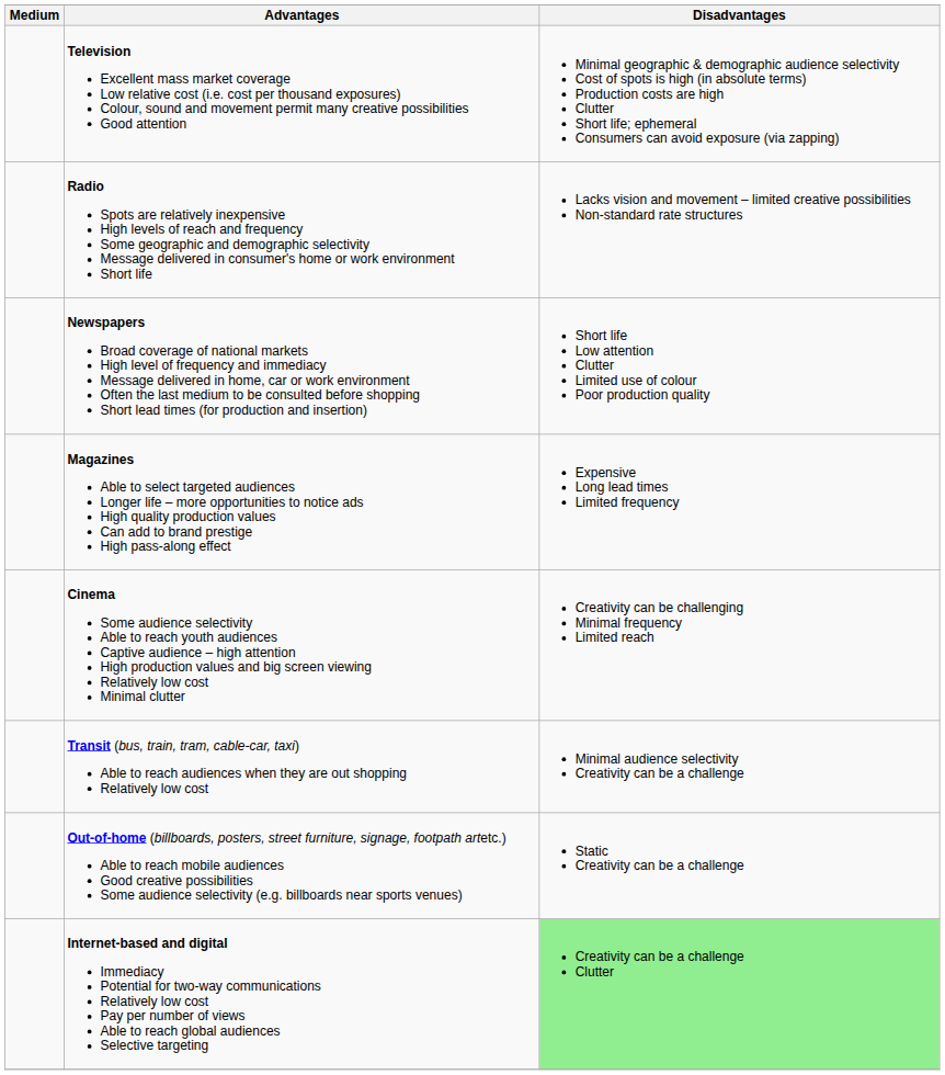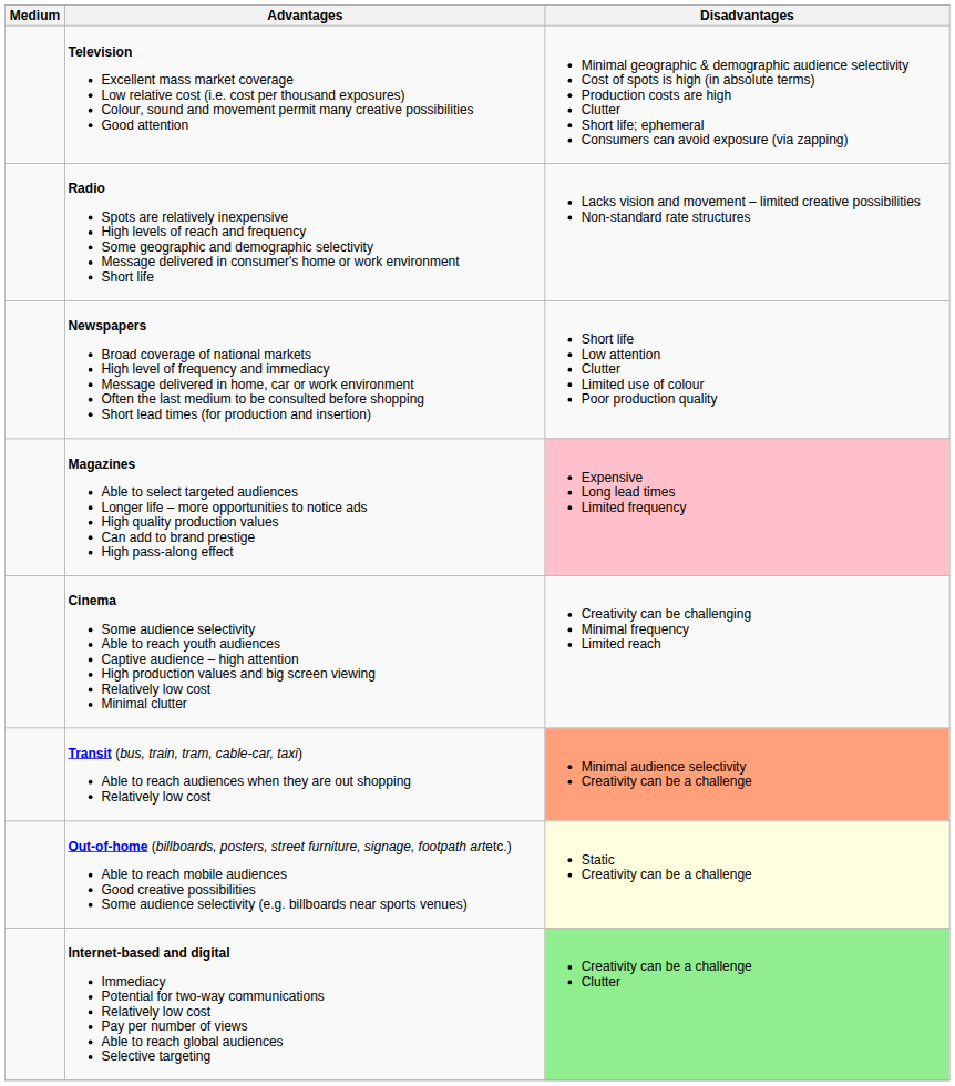 <table class="wikitable" style="width: 90%; height: 200px;">
 <tr style="vertical-align: top;">
 </tr>
 <tr>
 <th><strong>Medium</strong></th>
 <th><strong>Advantages</strong></th>
 <th><strong>Disadvantages</strong></th>
 </tr>
 <tr style="vertical-align: top;">
 <td></td>
 <td><br><strong>Television</strong><ul><li>Excellent mass market coverage</li><li>Low relative cost (i.e. cost per thousand exposures)</li><li>Colour, sound and movement permit many creative possibilities</li><li>Good attention</li></ul></td>
 <td><br><ul><li>Minimal geographic & demographic audience selectivity</li><li>Cost of spots is high (in absolute terms)</li><li>Production costs are high</li><li>Clutter</li><li>Short life; ephemeral</li><li>Consumers can avoid exposure (via zapping)</li></ul></td>
 </tr>
 <tr style="vertical-align: top;">
 <td></td>
 <td><br><strong>Radio</strong><ul><li>Spots are relatively inexpensive</li><li>High levels of reach and frequency</li><li>Some geographic and demographic selectivity</li><li>Message delivered in consumer's home or work environment</li><li>Short life</li></ul></td>
 <td><br><ul><li>Lacks vision and movement – limited creative possibilities</li><li>Non-standard rate structures</li></ul></td>
 </tr>
 <tr style="vertical-align: top;">
 <td></td>
 <td><br><strong>Newspapers</strong><ul><li>Broad coverage of national markets</li><li>High level of frequency and immediacy</li><li>Message delivered in home, car or work environment</li><li>Often the last medium to be consulted before shopping</li><li>Short lead times (for production and insertion)</li></ul></td>
 <td><br><ul><li>Short life</li><li>Low attention</li><li>Clutter</li><li>Limited use of colour</li><li>Poor production quality</li></ul></td>
 </tr>
 <tr style="vertical-align: top;">
 <td></td>
 <td><br><strong>Magazines</strong><ul><li>Able to select targeted audiences</li><li>Longer life – more opportunities to notice ads</li><li>High quality production values</li><li>Can add to brand prestige</li><li>High pass-along effect</li></ul></td>
-<td><br><ul><li>Expensive</li><li>Long lead times</li><li>Limited frequency</li></ul></td>
+<td style="background: pink;"><br><ul><li>Expensive</li><li>Long lead times</li><li>Limited frequency</li></ul></td>
 </tr>
 <tr style="vertical-align: top;">
 <td></td>
 <td><br><strong>Cinema</strong><ul><li>Some audience selectivity</li><li>Able to reach youth audiences</li><li>Captive audience – high attention</li><li>High production values and big screen viewing</li><li>Relatively low cost</li><li>Minimal clutter</li></ul></td>
 <td><br><ul><li>Creativity can be challenging</li><li>Minimal frequency</li><li>Limited reach</li></ul></td>
 </tr>
 <tr style="vertical-align: top;">
 <td></td>
 <td><br><a href='#'><strong>Transit</strong></a> (<em>bus, train, tram, cable-car, taxi</em>)<ul><li>Able to reach audiences when they are out shopping</li><li>Relatively low cost</li></ul></td>
-<td><br><ul><li>Minimal audience selectivity</li><li>Creativity can be a challenge</li></ul></td>
+<td style="background: lightsalmon;"><br><ul><li>Minimal audience selectivity</li><li>Creativity can be a challenge</li></ul></td>
 </tr>
 <tr style="vertical-align: top;">
 <td></td>
 <td><br><a href='#'><strong>Out-of-home</strong></a> (<em>billboards, posters, street furniture, signage, footpath art</em>etc.)<ul><li>Able to reach mobile audiences</li><li>Good creative possibilities</li><li>Some audience selectivity (e.g. billboards near sports venues)</li></ul></td>
-<td><br><ul><li>Static</li><li>Creativity can be a challenge</li></ul></td>
+<td style="background: lightyellow;"><br><ul><li>Static</li><li>Creativity can be a challenge</li></ul></td>
 </tr>
 <tr style="vertical-align: top;">
 <td></td>
 <td><br><strong>Internet-based and digital</strong><ul><li>Immediacy</li><li>Potential for two-way communications</li><li>Relatively low cost</li><li>Pay per number of views</li><li>Able to reach global audiences</li><li>Selective targeting</li></ul></td>
 <td style="background: lightgreen;"><br><ul><li>Creativity can be a challenge</li><li>Clutter</li></ul></td>
 </tr>
 <tr>
 </tr>
 </table>
